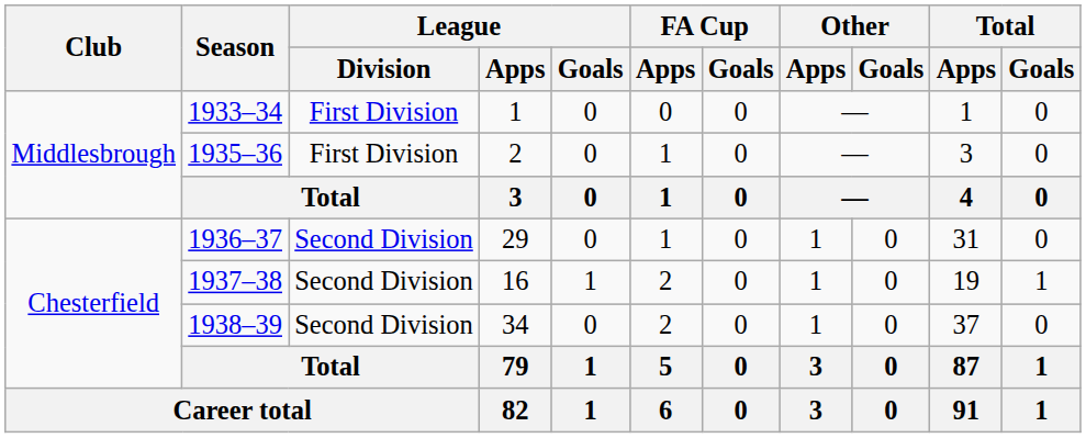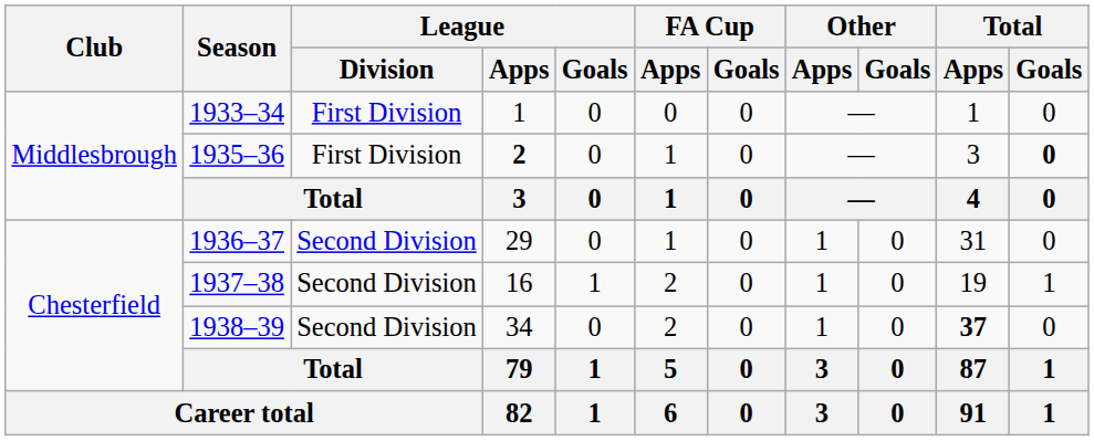 <table class="wikitable" style="text-align:center">
 <tr>
 <th rowspan="2">Club</th>
 <th rowspan="2">Season</th>
 <th colspan="3">League</th>
 <th colspan="2">FA Cup</th>
 <th colspan="2">Other</th>
 <th colspan="2">Total</th>
 </tr>
 <tr>
 <th>Division</th>
 <th>Apps</th>
 <th>Goals</th>
 <th>Apps</th>
 <th>Goals</th>
 <th>Apps</th>
 <th>Goals</th>
 <th>Apps</th>
 <th>Goals</th>
 </tr>
 <tr>
 <td rowspan="3"><a href='#'>Middlesbrough</a></td>
 <td><a href='#'>1933–34</a></td>
 <td><a href='#'>First Division</a></td>
 <td>1</td>
 <td>0</td>
 <td>0</td>
 <td>0</td>
 <td colspan="2">―</td>
 <td>1</td>
 <td>0</td>
 </tr>
 <tr>
 <td><a href='#'>1935–36</a></td>
 <td>First Division</td>
-<td>2</td>
+<td><strong>2</strong></td>
 <td>0</td>
 <td>1</td>
 <td>0</td>
 <td colspan="2">―</td>
 <td>3</td>
-<td>0</td>
+<td><strong>0</strong></td>
 </tr>
 <tr>
 <th colspan="2">Total</th>
 <th>3</th>
 <th>0</th>
 <th>1</th>
 <th>0</th>
 <th colspan="2">―</th>
 <th>4</th>
 <th>0</th>
 </tr>
 <tr>
 <td rowspan="4"><a href='#'>Chesterfield</a></td>
 <td><a href='#'>1936–37</a></td>
 <td><a href='#'>Second Division</a></td>
 <td>29</td>
 <td>0</td>
 <td>1</td>
 <td>0</td>
 <td>1</td>
 <td>0</td>
 <td>31</td>
 <td>0</td>
 </tr>
 <tr>
 <td><a href='#'>1937–38</a></td>
 <td>Second Division</td>
 <td>16</td>
 <td>1</td>
 <td>2</td>
 <td>0</td>
 <td>1</td>
 <td>0</td>
 <td>19</td>
 <td>1</td>
 </tr>
 <tr>
 <td><a href='#'>1938–39</a></td>
 <td>Second Division</td>
 <td>34</td>
 <td>0</td>
 <td>2</td>
 <td>0</td>
 <td>1</td>
 <td>0</td>
-<td>37</td>
+<td><strong>37</strong></td>
 <td>0</td>
 </tr>
 <tr>
 <th colspan="2">Total</th>
 <th>79</th>
 <th>1</th>
 <th>5</th>
 <th>0</th>
 <th>3</th>
 <th>0</th>
 <th>87</th>
 <th>1</th>
 </tr>
 <tr>
 <th colspan="3">Career total</th>
 <th>82</th>
 <th>1</th>
 <th>6</th>
 <th>0</th>
 <th>3</th>
 <th>0</th>
 <th>91</th>
 <th>1</th>
 </tr>
 </table>
